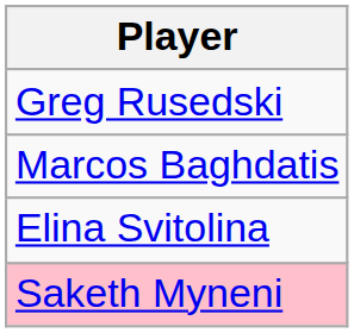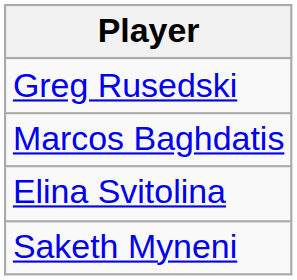 <table class="wikitable">
 <tr>
 <th>Player</th>
 </tr>
 <tr>
 <td> <a href='#'>Greg Rusedski</a></td>
 </tr>
 <tr>
 <td> <a href='#'>Marcos Baghdatis</a></td>
 </tr>
 <tr>
 <td> <a href='#'>Elina Svitolina</a></td>
 </tr>
 <tr>
-<td style="background: pink;"> <a href='#'>Saketh Myneni</a></td>
+<td> <a href='#'>Saketh Myneni</a></td>
 </tr>
 </table>
